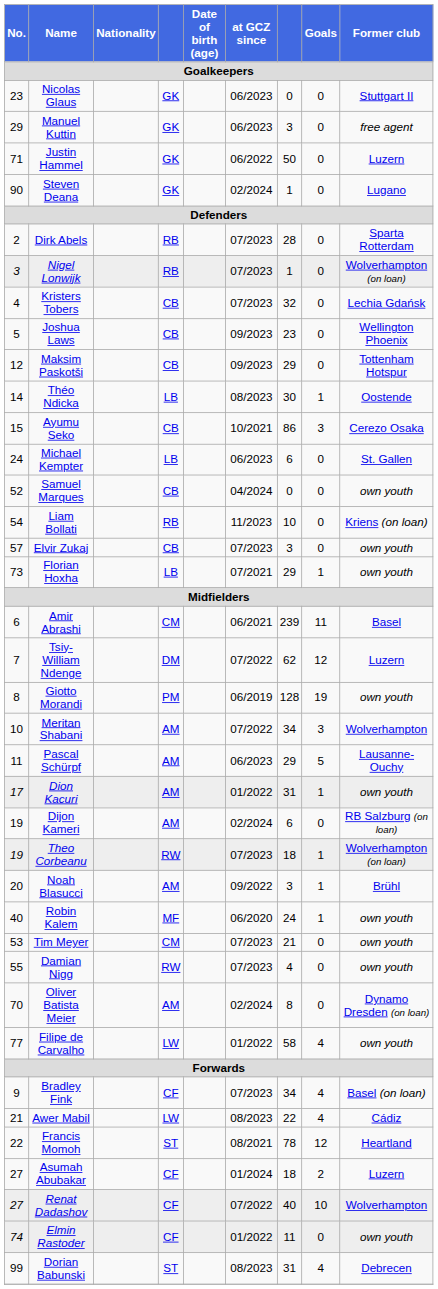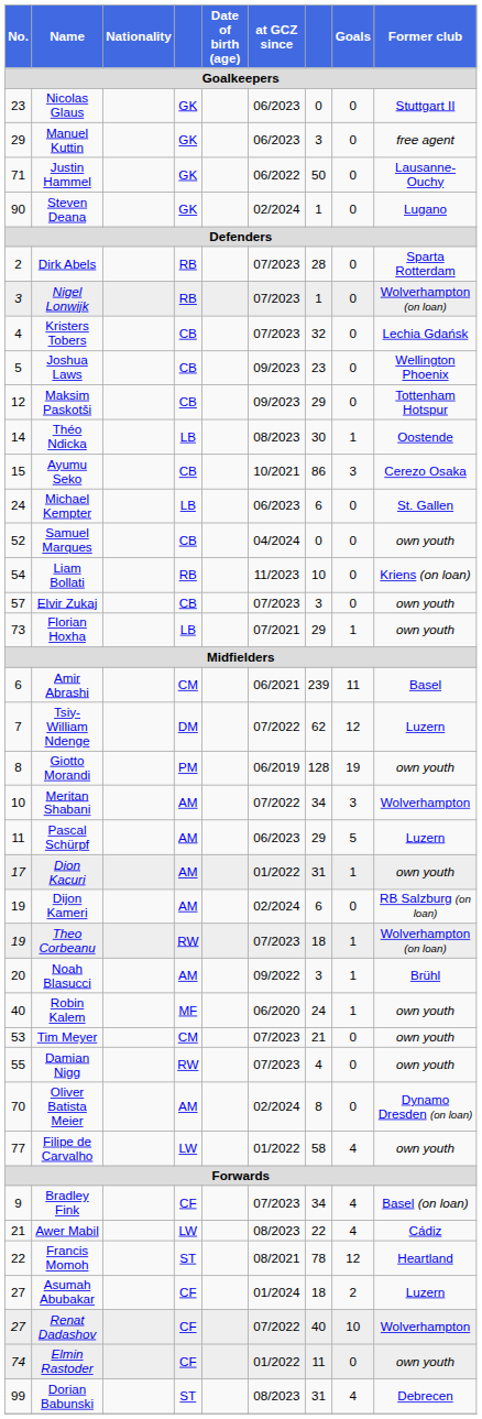 <table class="wikitable"  style="text-align:center; font-size:90%; width:85%;">
 <tr>
 <th style="background:#4169E1; color:white; text-align:center;">No.</th>
 <th style="background:#4169E1; color:white; text-align:center;">Name</th>
 <th style="background:#4169E1; color:white; text-align:center;">Nationality</th>
 <th style="background:#4169E1; color:white; text-align:center;"></th>
 <th style="background:#4169E1; color:white; text-align:center;">Date of birth (age)</th>
 <th style="background:#4169E1; color:white; text-align:center;">at GCZ since</th>
 <th style="background:#4169E1; color:white; text-align:center;"></th>
 <th style="background:#4169E1; color:white; text-align:center;">Goals</th>
 <th style="background:#4169E1; color:white; text-align:center;">Former club</th>
 </tr>
 <tr>
 <th colspan="9"  style="background:#dcdcdc; text-align:center;">Goalkeepers</th>
 </tr>
 <tr>
 <td>23</td>
 <td><a href='#'>Nicolas Glaus</a></td>
 <td></td>
 <td><a href='#'>GK</a></td>
 <td></td>
 <td>06/2023</td>
 <td>0</td>
 <td>0</td>
 <td><a href='#'>Stuttgart II</a></td>
 </tr>
 <tr>
 <td>29</td>
 <td><a href='#'>Manuel Kuttin</a></td>
 <td></td>
 <td><a href='#'>GK</a></td>
 <td></td>
 <td>06/2023</td>
 <td>3</td>
 <td>0</td>
 <td><em>free agent</em></td>
 </tr>
 <tr>
 <td>71</td>
 <td><a href='#'>Justin Hammel</a></td>
 <td></td>
 <td><a href='#'>GK</a></td>
 <td></td>
 <td>06/2022</td>
 <td>50</td>
 <td>0</td>
-<td><a href='#'>Luzern</a></td>
+<td><a href='#'>Lausanne-Ouchy</a></td>
 </tr>
 <tr>
 <td>90</td>
 <td><a href='#'>Steven Deana</a></td>
 <td></td>
 <td><a href='#'>GK</a></td>
 <td></td>
 <td>02/2024</td>
 <td>1</td>
 <td>0</td>
 <td><a href='#'>Lugano</a></td>
 </tr>
 <tr>
 <th colspan="9"  style="background:#dcdcdc; text-align:center;">Defenders</th>
 </tr>
 <tr>
 <td>2</td>
 <td><a href='#'>Dirk Abels</a></td>
 <td></td>
 <td><a href='#'>RB</a></td>
 <td></td>
 <td>07/2023</td>
 <td>28</td>
 <td>0</td>
 <td><a href='#'>Sparta Rotterdam</a></td>
 </tr>
 <tr style="background:#eeeeee;">
 <td><em>3</em></td>
 <td><em><a href='#'>Nigel Lonwijk</a></em></td>
 <td> </td>
 <td><a href='#'>RB</a></td>
 <td></td>
 <td>07/2023</td>
 <td>1</td>
 <td>0</td>
 <td><a href='#'>Wolverhampton</a> <small><em>(on loan)</em></small></td>
 </tr>
 <tr>
 <td>4</td>
 <td><a href='#'>Kristers Tobers</a></td>
 <td></td>
 <td><a href='#'>CB</a></td>
 <td></td>
 <td>07/2023</td>
 <td>32</td>
 <td>0</td>
 <td><a href='#'>Lechia Gdańsk</a></td>
 </tr>
 <tr>
 <td>5</td>
 <td><a href='#'>Joshua Laws</a></td>
 <td> </td>
 <td><a href='#'>CB</a></td>
 <td></td>
 <td>09/2023</td>
 <td>23</td>
 <td>0</td>
 <td><a href='#'>Wellington Phoenix</a></td>
 </tr>
 <tr>
 <td>12</td>
 <td><a href='#'>Maksim Paskotši</a></td>
 <td></td>
 <td><a href='#'>CB</a></td>
 <td></td>
 <td>09/2023</td>
 <td>29</td>
 <td>0</td>
 <td><a href='#'>Tottenham Hotspur</a></td>
 </tr>
 <tr>
 <td>14</td>
 <td><a href='#'>Théo Ndicka</a></td>
 <td> </td>
 <td><a href='#'>LB</a></td>
 <td></td>
 <td>08/2023</td>
 <td>30</td>
 <td>1</td>
 <td><a href='#'>Oostende</a></td>
 </tr>
 <tr>
 <td>15</td>
 <td><a href='#'>Ayumu Seko</a></td>
 <td></td>
 <td><a href='#'>CB</a></td>
 <td></td>
 <td>10/2021</td>
 <td>86</td>
 <td>3</td>
 <td><a href='#'>Cerezo Osaka</a></td>
 </tr>
 <tr>
 <td>24</td>
 <td><a href='#'>Michael Kempter</a></td>
 <td> </td>
 <td><a href='#'>LB</a></td>
 <td></td>
 <td>06/2023</td>
 <td>6</td>
 <td>0</td>
 <td><a href='#'>St. Gallen</a></td>
 </tr>
 <tr>
 <td>52</td>
 <td><a href='#'>Samuel Marques</a></td>
 <td></td>
 <td><a href='#'>CB</a></td>
 <td></td>
 <td>04/2024</td>
 <td>0</td>
 <td>0</td>
 <td><em>own youth</em></td>
 </tr>
 <tr>
 <td>54</td>
 <td><a href='#'>Liam Bollati</a></td>
 <td></td>
 <td><a href='#'>RB</a></td>
 <td></td>
 <td>11/2023</td>
 <td>10</td>
 <td>0</td>
 <td><a href='#'>Kriens</a> <em>(on loan)</em></td>
 </tr>
 <tr>
 <td>57</td>
 <td><a href='#'>Elvir Zukaj</a></td>
 <td> </td>
 <td><a href='#'>CB</a></td>
 <td></td>
 <td>07/2023</td>
 <td>3</td>
 <td>0</td>
 <td><em>own youth</em></td>
 </tr>
 <tr>
 <td>73</td>
 <td><a href='#'>Florian Hoxha</a></td>
 <td> </td>
 <td><a href='#'>LB</a></td>
 <td></td>
 <td>07/2021</td>
 <td>29</td>
 <td>1</td>
 <td><em>own youth</em></td>
 </tr>
 <tr>
 <th colspan="9"  style="background:#dcdcdc; text-align:center;">Midfielders</th>
 </tr>
 <tr>
 <td>6</td>
 <td><a href='#'>Amir Abrashi</a></td>
 <td> </td>
 <td><a href='#'>CM</a></td>
 <td></td>
 <td>06/2021</td>
 <td>239</td>
 <td>11</td>
 <td><a href='#'>Basel</a></td>
 </tr>
 <tr>
 <td>7</td>
 <td><a href='#'>Tsiy-William Ndenge</a></td>
 <td> </td>
 <td><a href='#'>DM</a></td>
 <td></td>
 <td>07/2022</td>
 <td>62</td>
 <td>12</td>
 <td><a href='#'>Luzern</a></td>
 </tr>
 <tr>
 <td>8</td>
 <td><a href='#'>Giotto Morandi</a></td>
 <td></td>
 <td><a href='#'>PM</a></td>
 <td></td>
 <td>06/2019</td>
 <td>128</td>
 <td>19</td>
 <td><em>own youth</em></td>
 </tr>
 <tr>
 <td>10</td>
 <td><a href='#'>Meritan Shabani</a></td>
 <td> </td>
 <td><a href='#'>AM</a></td>
 <td></td>
 <td>07/2022</td>
 <td>34</td>
 <td>3</td>
 <td><a href='#'>Wolverhampton</a></td>
 </tr>
 <tr>
 <td>11</td>
 <td><a href='#'>Pascal Schürpf</a></td>
 <td></td>
 <td><a href='#'>AM</a></td>
 <td></td>
 <td>06/2023</td>
 <td>29</td>
 <td>5</td>
-<td><a href='#'>Lausanne-Ouchy</a></td>
+<td><a href='#'>Luzern</a></td>
 </tr>
 <tr style="background:#eeeeee;">
 <td><em>17</em></td>
 <td><em><a href='#'>Dion Kacuri</a></em></td>
 <td> </td>
 <td><a href='#'>AM</a></td>
 <td></td>
 <td>01/2022</td>
 <td>31</td>
 <td>1</td>
 <td><em>own youth</em></td>
 </tr>
 <tr>
 <td>19</td>
 <td><a href='#'>Dijon Kameri</a></td>
 <td></td>
 <td><a href='#'>AM</a></td>
 <td></td>
 <td>02/2024</td>
 <td>6</td>
 <td>0</td>
 <td><a href='#'>RB Salzburg</a> <small><em>(on loan)</em></small></td>
 </tr>
 <tr style="background:#eeeeee;">
 <td><em>19</em></td>
 <td><em><a href='#'>Theo Corbeanu</a></em></td>
 <td> </td>
 <td><a href='#'>RW</a></td>
 <td></td>
 <td>07/2023</td>
 <td>18</td>
 <td>1</td>
 <td><a href='#'>Wolverhampton</a> <small><em>(on loan)</em></small></td>
 </tr>
 <tr>
 <td>20</td>
 <td><a href='#'>Noah Blasucci</a></td>
 <td> </td>
 <td><a href='#'>AM</a></td>
 <td></td>
 <td>09/2022</td>
 <td>3</td>
 <td>1</td>
 <td><a href='#'>Brühl</a></td>
 </tr>
 <tr>
 <td>40</td>
 <td><a href='#'>Robin Kalem</a></td>
 <td></td>
 <td><a href='#'>MF</a></td>
 <td></td>
 <td>06/2020</td>
 <td>24</td>
 <td>1</td>
 <td><em>own youth</em></td>
 </tr>
 <tr>
 <td>53</td>
 <td><a href='#'>Tim Meyer</a></td>
 <td></td>
 <td><a href='#'>CM</a></td>
 <td></td>
 <td>07/2023</td>
 <td>21</td>
 <td>0</td>
 <td><em>own youth</em></td>
 </tr>
 <tr>
 <td>55</td>
 <td><a href='#'>Damian Nigg</a></td>
 <td></td>
 <td><a href='#'>RW</a></td>
 <td></td>
 <td>07/2023</td>
 <td>4</td>
 <td>0</td>
 <td><em>own youth</em></td>
 </tr>
 <tr>
 <td>70</td>
 <td><a href='#'>Oliver Batista Meier</a></td>
 <td> </td>
 <td><a href='#'>AM</a></td>
 <td></td>
 <td>02/2024</td>
 <td>8</td>
 <td>0</td>
 <td><a href='#'>Dynamo Dresden</a> <small><em>(on loan)</em></small></td>
 </tr>
 <tr>
 <td>77</td>
 <td><a href='#'>Filipe de Carvalho</a></td>
 <td> </td>
 <td><a href='#'>LW</a></td>
 <td></td>
 <td>01/2022</td>
 <td>58</td>
 <td>4</td>
 <td><em>own youth</em></td>
 </tr>
 <tr>
 <th colspan="9"  style="background:#dcdcdc; text-align:center;">Forwards</th>
 </tr>
 <tr>
 <td>9</td>
 <td><a href='#'>Bradley Fink</a></td>
 <td> </td>
 <td><a href='#'>CF</a></td>
 <td></td>
 <td>07/2023</td>
 <td>34</td>
 <td>4</td>
 <td><a href='#'>Basel</a> <em>(on loan)</em></td>
 </tr>
 <tr>
 <td>21</td>
 <td><a href='#'>Awer Mabil</a></td>
 <td> </td>
 <td><a href='#'>LW</a></td>
 <td></td>
 <td>08/2023</td>
 <td>22</td>
 <td>4</td>
 <td><a href='#'>Cádiz</a></td>
 </tr>
 <tr>
 <td>22</td>
 <td><a href='#'>Francis Momoh</a></td>
 <td></td>
 <td><a href='#'>ST</a></td>
 <td></td>
 <td>08/2021</td>
 <td>78</td>
 <td>12</td>
 <td><a href='#'>Heartland</a></td>
 </tr>
 <tr>
 <td>27</td>
 <td><a href='#'>Asumah Abubakar</a></td>
 <td> </td>
 <td><a href='#'>CF</a></td>
 <td></td>
 <td>01/2024</td>
 <td>18</td>
 <td>2</td>
 <td><a href='#'>Luzern</a></td>
 </tr>
 <tr style="background:#eeeeee;">
 <td><em>27</em></td>
 <td><em><a href='#'>Renat Dadashov</a></em></td>
 <td> </td>
 <td><a href='#'>CF</a></td>
 <td></td>
 <td>07/2022</td>
 <td>40</td>
 <td>10</td>
 <td><a href='#'>Wolverhampton</a></td>
 </tr>
 <tr style="background:#eeeeee;">
 <td><em>74</em></td>
 <td><em><a href='#'>Elmin Rastoder</a></em></td>
 <td> </td>
 <td><a href='#'>CF</a></td>
 <td></td>
 <td>01/2022</td>
 <td>11</td>
 <td>0</td>
 <td><em>own youth</em></td>
 </tr>
 <tr>
 <td>99</td>
 <td><a href='#'>Dorian Babunski</a></td>
 <td> </td>
 <td><a href='#'>ST</a></td>
 <td></td>
 <td>08/2023</td>
 <td>31</td>
 <td>4</td>
 <td><a href='#'>Debrecen</a></td>
 </tr>
 <tr>
 </tr>
 </table>
